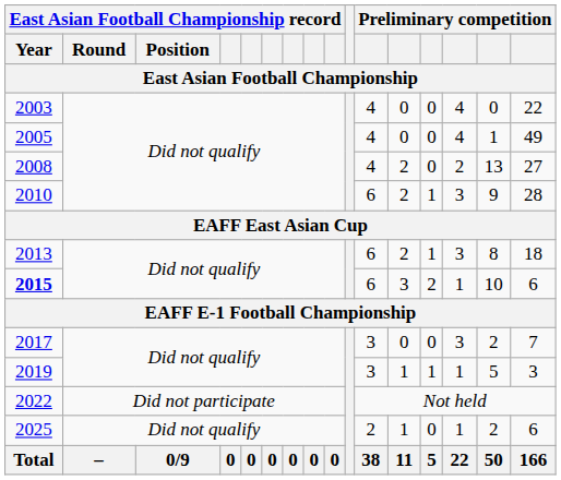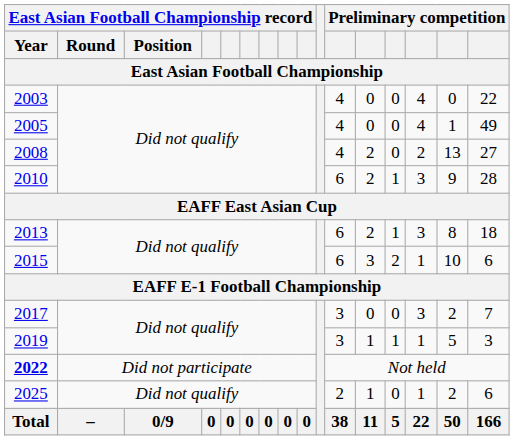 <table class="wikitable" style="text-align: center;">
 <tr>
 <th colspan=9><a href='#'>East Asian Football Championship</a> record</th>
 <th rowspan=2></th>
 <th colspan=6>Preliminary competition</th>
 </tr>
 <tr>
 <th>Year</th>
 <th>Round</th>
 <th>Position</th>
 <th></th>
 <th></th>
 <th></th>
 <th></th>
 <th></th>
 <th></th>
 <th></th>
 <th></th>
 <th></th>
 <th></th>
 <th></th>
 <th></th>
 </tr>
 <tr>
 <th colspan="16">East Asian Football Championship</th>
 </tr>
 <tr>
 <td> <a href='#'>2003</a></td>
 <td colspan=8 rowspan=4><em>Did not qualify</em></td>
 <th rowspan=4></th>
 <td>4</td>
 <td>0</td>
 <td>0</td>
 <td>4</td>
 <td>0</td>
 <td>22</td>
 </tr>
 <tr>
 <td> <a href='#'>2005</a></td>
 <td>4</td>
 <td>0</td>
 <td>0</td>
 <td>4</td>
 <td>1</td>
 <td>49</td>
 </tr>
 <tr>
 <td> <a href='#'>2008</a></td>
 <td>4</td>
 <td>2</td>
 <td>0</td>
 <td>2</td>
 <td>13</td>
 <td>27</td>
 </tr>
 <tr>
 <td> <a href='#'>2010</a></td>
 <td>6</td>
 <td>2</td>
 <td>1</td>
 <td>3</td>
 <td>9</td>
 <td>28</td>
 </tr>
 <tr>
 <th colspan="16">EAFF East Asian Cup</th>
 </tr>
 <tr>
 <td> <a href='#'>2013</a></td>
 <td colspan=8 rowspan=2><em>Did not qualify</em></td>
 <th rowspan=2></th>
 <td>6</td>
 <td>2</td>
 <td>1</td>
 <td>3</td>
 <td>8</td>
 <td>18</td>
 </tr>
 <tr>
-<td><strong> <a href='#'>2015</a></strong></td>
+<td> <a href='#'>2015</a></td>
 <td>6</td>
 <td>3</td>
 <td>2</td>
 <td>1</td>
 <td>10</td>
 <td>6</td>
 </tr>
 <tr>
 <th colspan="16">EAFF E-1 Football Championship</th>
 </tr>
 <tr>
 <td> <a href='#'>2017</a></td>
 <td colspan=8 rowspan=2><em>Did not qualify</em></td>
 <th rowspan=10></th>
 <td>3</td>
 <td>0</td>
 <td>0</td>
 <td>3</td>
 <td>2</td>
 <td>7</td>
 </tr>
 <tr>
 <td> <a href='#'>2019</a></td>
 <td>3</td>
 <td>1</td>
 <td>1</td>
 <td>1</td>
 <td>5</td>
 <td>3</td>
 </tr>
 <tr>
-<td> <a href='#'>2022</a></td>
+<td><strong> <a href='#'>2022</a></strong></td>
 <td colspan=8><em>Did not participate</em></td>
 <td colspan=6><em>Not held</em></td>
 </tr>
 <tr>
 <td> <a href='#'>2025</a></td>
 <td colspan=8><em>Did not qualify</em></td>
 <td>2</td>
 <td>1</td>
 <td>0</td>
 <td>1</td>
 <td>2</td>
 <td>6</td>
 </tr>
 <tr>
 <th><strong>Total</strong></th>
 <th>–</th>
 <th><strong>0/9</strong></th>
 <th><strong>0</strong></th>
 <th><strong>0</strong></th>
 <th><strong>0</strong></th>
 <th><strong>0</strong></th>
 <th><strong>0</strong></th>
 <th><strong>0</strong></th>
 <th><strong>38</strong></th>
 <th><strong>11</strong></th>
 <th><strong>5</strong></th>
 <th><strong>22</strong></th>
 <th><strong>50</strong></th>
 <th><strong>166</strong></th>
 </tr>
 </table>
